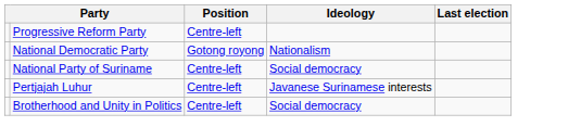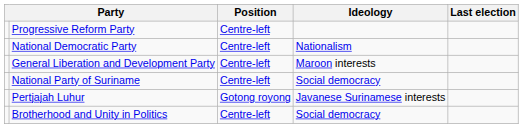 <table class="wikitable sortable">
 <tr>
 <th colspan="2">Party</th>
 <th>Position</th>
 <th>Ideology</th>
 <th>Last election</th>
 </tr>
 <tr>
 <td></td>
 <td><a href='#'>Progressive Reform Party</a></td>
 <td><a href='#'>Centre-left</a></td>
 <td></td>
 <td></td>
 </tr>
 <tr>
 <td></td>
 <td><a href='#'>National Democratic Party</a></td>
-<td><a href='#'>Gotong royong</a></td>
+<td><a href='#'>Centre-left</a></td>
 <td><a href='#'>Nationalism</a></td>
+<td></td>
+</tr>
+<tr>
+<td></td>
+<td><a href='#'>General Liberation and Development Party</a></td>
+<td><a href='#'>Centre-left</a></td>
+<td><a href='#'>Maroon</a> interests</td>
 <td></td>
 </tr>
 <tr>
 <td></td>
 <td><a href='#'>National Party of Suriname</a></td>
 <td><a href='#'>Centre-left</a></td>
 <td><a href='#'>Social democracy</a></td>
 <td></td>
 </tr>
 <tr>
 <td></td>
 <td><a href='#'>Pertjajah Luhur</a></td>
-<td><a href='#'>Centre-left</a></td>
+<td><a href='#'>Gotong royong</a></td>
 <td><a href='#'>Javanese Surinamese</a> interests</td>
 <td></td>
 </tr>
 <tr>
 <td></td>
 <td><a href='#'>Brotherhood and Unity in Politics</a></td>
 <td><a href='#'>Centre-left</a></td>
 <td><a href='#'>Social democracy</a></td>
 <td></td>
 </tr>
 </table>
